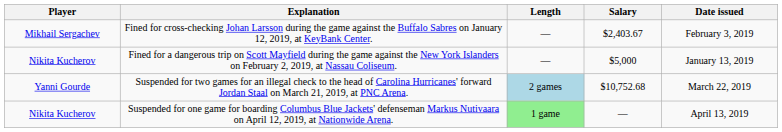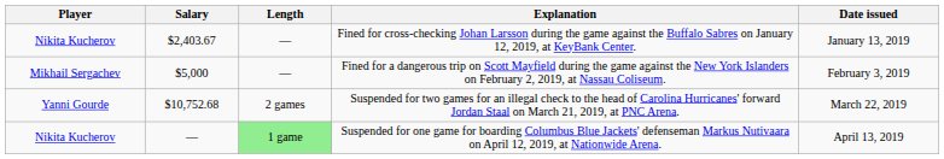 <table class="wikitable" style="text-align:center;">
 <tr>
 <th style="width:15%;">Player</th>
+<th style="width:10%;">Salary</th>
+<th style="width:10%;">Length</th>
 <th style="width:50%;">Explanation</th>
-<th style="width:10%;">Length</th>
-<th style="width:10%;">Salary</th>
 <th style="width:15%;">Date issued</th>
 </tr>
 <tr>
+<td><a href='#'>Nikita Kucherov</a></td>
+<td>$2,403.67</td>
+<td>—</td>
+<td>Fined for cross-checking <a href='#'>Johan Larsson</a> during the game against the <a href='#'>Buffalo Sabres</a> on January 12, 2019, at <a href='#'>KeyBank Center</a>.</td>
+<td>January 13, 2019</td>
+</tr>
+<tr>
 <td><a href='#'>Mikhail Sergachev</a></td>
-<td>Fined for cross-checking <a href='#'>Johan Larsson</a> during the game against the <a href='#'>Buffalo Sabres</a> on January 12, 2019, at <a href='#'>KeyBank Center</a>.</td>
+<td>$5,000</td>
 <td>—</td>
-<td>$2,403.67</td>
+<td>Fined for a dangerous trip on <a href='#'>Scott Mayfield</a> during the game against the <a href='#'>New York Islanders</a> on February 2, 2019, at <a href='#'>Nassau Coliseum</a>.</td>
 <td>February 3, 2019</td>
 </tr>
 <tr>
-<td><a href='#'>Nikita Kucherov</a></td>
-<td>Fined for a dangerous trip on <a href='#'>Scott Mayfield</a> during the game against the <a href='#'>New York Islanders</a> on February 2, 2019, at <a href='#'>Nassau Coliseum</a>.</td>
-<td>—</td>
-<td>$5,000</td>
-<td>January 13, 2019</td>
-</tr>
-<tr>
 <td><a href='#'>Yanni Gourde</a></td>
+<td>$10,752.68</td>
+<td>2 games</td>
 <td>Suspended for two games for an illegal check to the head of <a href='#'>Carolina Hurricanes</a>' forward <a href='#'>Jordan Staal</a> on March 21, 2019, at <a href='#'>PNC Arena</a>.</td>
-<td style="background: lightblue;">2 games</td>
-<td>$10,752.68</td>
 <td>March 22, 2019</td>
 </tr>
 <tr>
 <td><a href='#'>Nikita Kucherov</a></td>
+<td>—</td>
+<td style="background: lightgreen;">1 game</td>
 <td>Suspended for one game for boarding <a href='#'>Columbus Blue Jackets</a>' defenseman <a href='#'>Markus Nutivaara</a> on April 12, 2019, at <a href='#'>Nationwide Arena</a>.</td>
-<td style="background: lightgreen;">1 game</td>
-<td>—</td>
 <td>April 13, 2019</td>
 </tr>
 </table>
